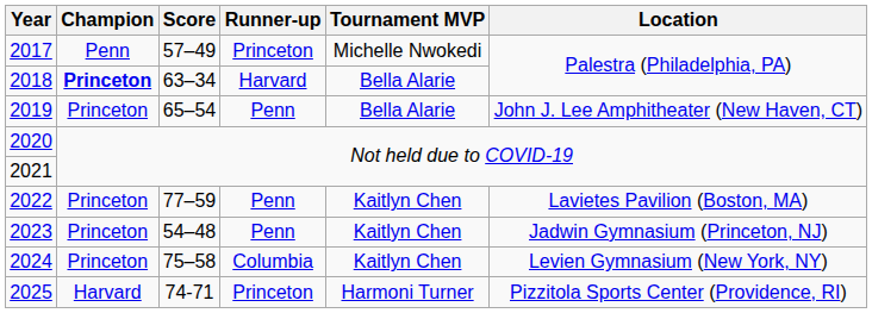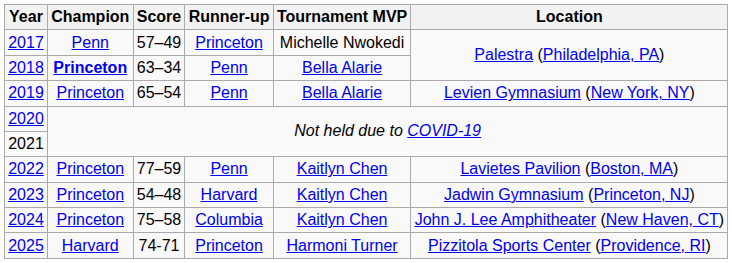 <table class="wikitable sortable" style="text-align:center">
 <tr>
 <th width=px>Year</th>
 <th width=px>Champion</th>
 <th width=px>Score</th>
 <th width=px>Runner-up</th>
 <th width=px>Tournament MVP</th>
 <th width=px>Location</th>
 </tr>
 <tr>
 <td><a href='#'>2017</a></td>
 <td><a href='#'>Penn</a></td>
 <td>57–49</td>
 <td><a href='#'>Princeton</a></td>
 <td>Michelle Nwokedi</td>
 <td rowspan="2"><a href='#'>Palestra</a> (<a href='#'>Philadelphia, PA</a>)</td>
 </tr>
 <tr>
 <td><a href='#'>2018</a></td>
 <td><strong><a href='#'>Princeton</a></strong></td>
 <td>63–34</td>
-<td><a href='#'>Harvard</a></td>
+<td><a href='#'>Penn</a></td>
 <td><a href='#'>Bella Alarie</a></td>
 </tr>
 <tr>
 <td><a href='#'>2019</a></td>
 <td><a href='#'>Princeton</a></td>
 <td>65–54</td>
 <td><a href='#'>Penn</a></td>
 <td><a href='#'>Bella Alarie</a></td>
-<td><a href='#'>John J. Lee Amphitheater</a> (<a href='#'>New Haven, CT</a>)</td>
+<td><a href='#'>Levien Gymnasium</a> (<a href='#'>New York, NY</a>)</td>
 </tr>
 <tr>
 <td><a href='#'>2020</a></td>
 <td colspan=5 rowspan=2><em>Not held due to <a href='#'>COVID-19</a></em></td>
 </tr>
 <tr>
 <td>2021</td>
 </tr>
 <tr>
 <td><a href='#'>2022</a></td>
 <td><a href='#'>Princeton</a></td>
 <td>77–59</td>
 <td><a href='#'>Penn</a></td>
 <td><a href='#'>Kaitlyn Chen</a></td>
 <td><a href='#'>Lavietes Pavilion</a> (<a href='#'>Boston, MA</a>)</td>
 </tr>
 <tr>
 <td><a href='#'>2023</a></td>
 <td><a href='#'>Princeton</a></td>
 <td>54–48</td>
-<td><a href='#'>Penn</a></td>
+<td><a href='#'>Harvard</a></td>
 <td><a href='#'>Kaitlyn Chen</a></td>
 <td><a href='#'>Jadwin Gymnasium</a> (<a href='#'>Princeton, NJ</a>)</td>
 </tr>
 <tr>
 <td><a href='#'>2024</a></td>
 <td><a href='#'>Princeton</a></td>
 <td>75–58</td>
 <td><a href='#'>Columbia</a></td>
 <td><a href='#'>Kaitlyn Chen</a></td>
-<td><a href='#'>Levien Gymnasium</a> (<a href='#'>New York, NY</a>)</td>
+<td><a href='#'>John J. Lee Amphitheater</a> (<a href='#'>New Haven, CT</a>)</td>
 </tr>
 <tr>
 <td><a href='#'>2025</a></td>
 <td><a href='#'>Harvard</a></td>
 <td>74-71</td>
 <td><a href='#'>Princeton</a></td>
 <td><a href='#'>Harmoni Turner</a></td>
 <td><a href='#'>Pizzitola Sports Center</a> (<a href='#'>Providence, RI</a>)</td>
 </tr>
 </table>
